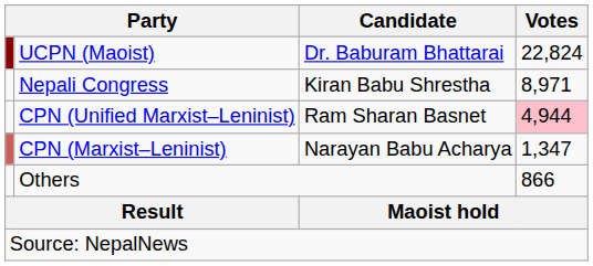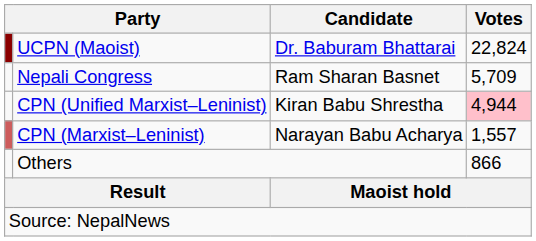 <table class="wikitable">
 <tr>
 <th colspan="2">Party</th>
 <th>Candidate</th>
 <th>Votes</th>
 </tr>
 <tr>
 <td style="background-color:darkred"></td>
 <td><a href='#'>UCPN (Maoist)</a></td>
 <td><a href='#'>Dr. Baburam Bhattarai</a></td>
 <td>22,824</td>
 </tr>
 <tr>
 <td style="background-color:"></td>
 <td><a href='#'>Nepali Congress</a></td>
-<td>Kiran Babu Shrestha</td>
-<td>8,971</td>
+<td>Ram Sharan Basnet</td>
+<td>5,709</td>
 </tr>
 <tr>
 <td style="background-color:"></td>
 <td><a href='#'>CPN (Unified Marxist–Leninist)</a></td>
-<td>Ram Sharan Basnet</td>
+<td>Kiran Babu Shrestha</td>
 <td style="background: pink;">4,944</td>
 </tr>
 <tr>
 <td style="background-color:indianred"></td>
 <td><a href='#'>CPN (Marxist–Leninist)</a></td>
 <td>Narayan Babu Acharya</td>
-<td>1,347</td>
+<td>1,557</td>
 </tr>
 <tr>
 <td></td>
 <td colspan="2">Others</td>
 <td>866</td>
 </tr>
 <tr>
 <th colspan="2">Result</th>
 <th colspan="2">Maoist hold</th>
 </tr>
 <tr>
 <td colspan="4">Source: NepalNews</td>
 </tr>
 </table>
